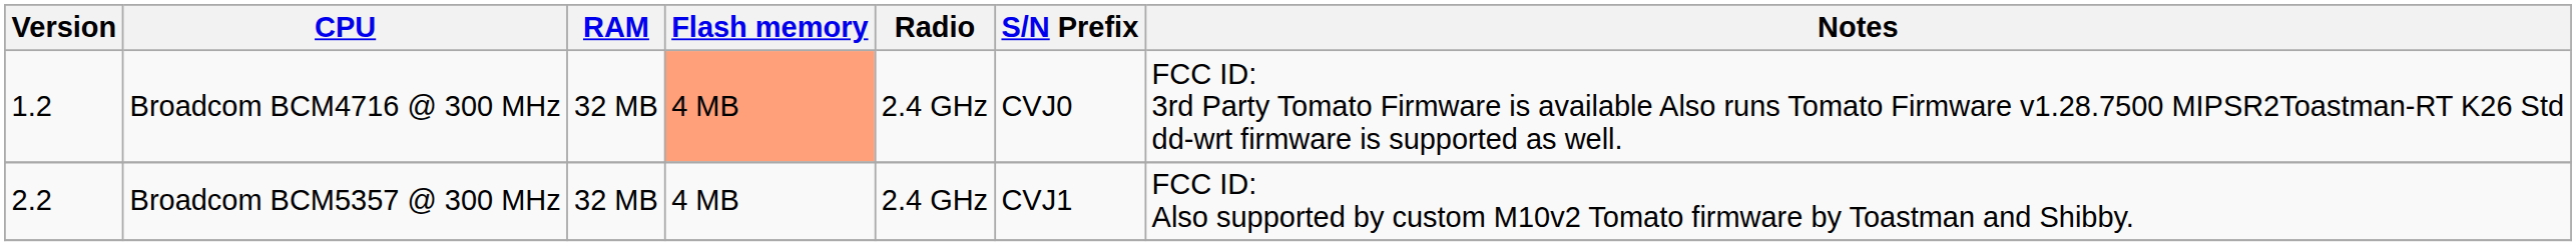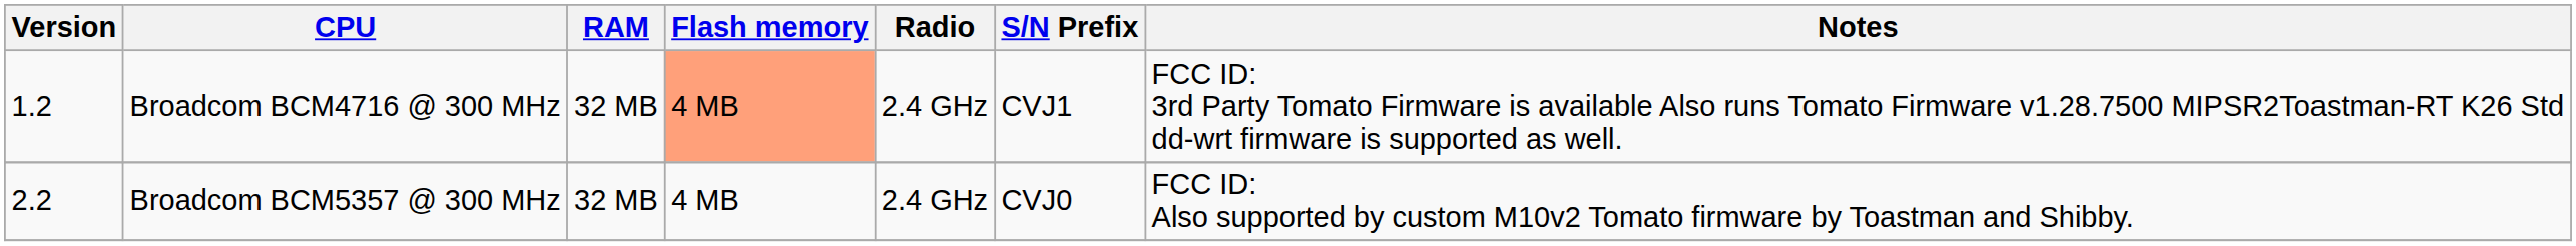 <table class="wikitable">
 <tr>
 <th>Version</th>
 <th><a href='#'>CPU</a></th>
 <th><a href='#'>RAM</a></th>
 <th><a href='#'>Flash memory</a></th>
 <th>Radio</th>
 <th><a href='#'>S/N</a> Prefix</th>
 <th>Notes</th>
 </tr>
 <tr>
 <td>1.2</td>
 <td>Broadcom BCM4716 @ 300 MHz</td>
 <td>32 MB</td>
 <td style="background: lightsalmon;">4 MB</td>
 <td>2.4 GHz</td>
-<td>CVJ0</td>
+<td>CVJ1</td>
 <td>FCC ID: <br>3rd Party Tomato Firmware is available  Also runs Tomato Firmware v1.28.7500 MIPSR2Toastman-RT K26 Std<br>dd-wrt firmware is supported as well.</td>
 </tr>
 <tr>
 </tr>
 <tr>
 <td>2.2</td>
 <td>Broadcom BCM5357 @ 300 MHz</td>
 <td>32 MB</td>
 <td>4 MB</td>
 <td>2.4 GHz</td>
-<td>CVJ1</td>
+<td>CVJ0</td>
 <td>FCC ID: <br>Also supported by custom M10v2 Tomato firmware by Toastman and Shibby.</td>
 </tr>
 <tr>
 </tr>
 </table>
